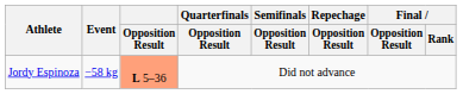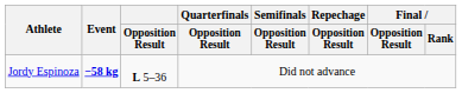 <table class="wikitable" style="font-size:90%;">
 <tr>
 <th rowspan=2>Athlete</th>
 <th rowspan=2>Event</th>
 <th></th>
 <th>Quarterfinals</th>
 <th>Semifinals</th>
 <th>Repechage</th>
 <th colspan="2">Final / </th>
 </tr>
 <tr style="font-size:95%">
 <th>Opposition<br>Result</th>
 <th>Opposition<br>Result</th>
 <th>Opposition<br>Result</th>
 <th>Opposition<br>Result</th>
 <th>Opposition<br>Result</th>
 <th>Rank</th>
 </tr>
 <tr align=center>
 <td align=left><a href='#'>Jordy Espinoza</a></td>
-<td align=left><a href='#'>−58 kg</a></td>
-<td style="background: lightsalmon;"><br><strong>L</strong> 5–36</td>
+<td align=left><strong><a href='#'>−58 kg</a></strong></td>
+<td><br><strong>L</strong> 5–36</td>
 <td colspan=5>Did not advance</td>
 </tr>
 </table>
